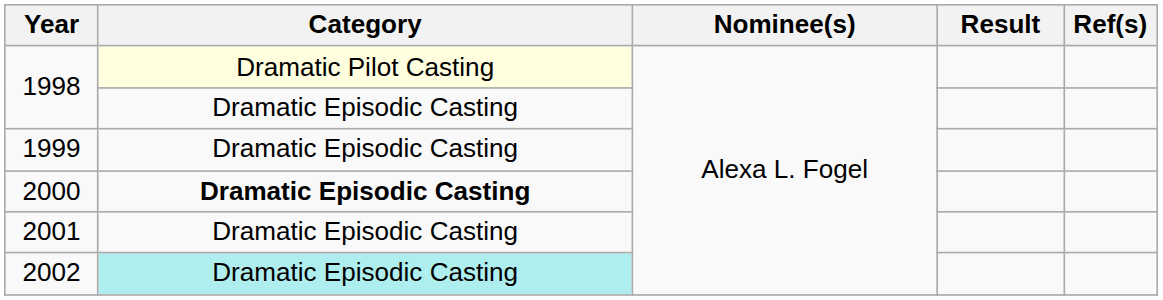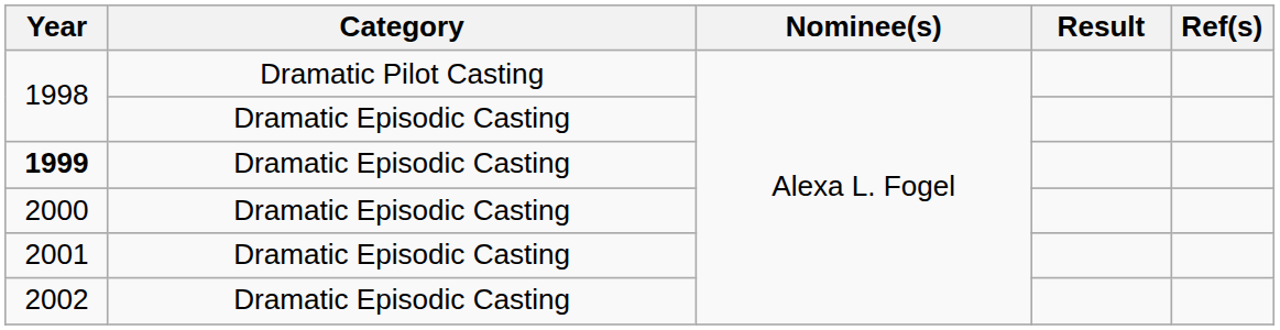 <table class="wikitable" style="text-align:center;">
 <tr>
 <th width="50">Year</th>
 <th width="320">Category</th>
 <th width="180">Nominee(s)</th>
 <th width="70">Result</th>
 <th width="50">Ref(s)</th>
 </tr>
 <tr>
 <td rowspan="2">1998</td>
-<td style="background: lightyellow;">Dramatic Pilot Casting</td>
+<td>Dramatic Pilot Casting</td>
 <td rowspan="6">Alexa L. Fogel</td>
 <td></td>
 <td></td>
 </tr>
 <tr>
 <td>Dramatic Episodic Casting</td>
 <td></td>
 <td></td>
 </tr>
 <tr>
-<td>1999</td>
+<td><strong>1999</strong></td>
 <td>Dramatic Episodic Casting</td>
 <td></td>
 <td></td>
 </tr>
 <tr>
 <td>2000</td>
-<td><strong>Dramatic Episodic Casting</strong></td>
+<td>Dramatic Episodic Casting</td>
 <td></td>
 <td></td>
 </tr>
 <tr>
 <td>2001</td>
 <td>Dramatic Episodic Casting</td>
 <td></td>
 <td></td>
 </tr>
 <tr>
 <td>2002</td>
-<td style="background: paleturquoise;">Dramatic Episodic Casting</td>
+<td>Dramatic Episodic Casting</td>
 <td></td>
 <td></td>
 </tr>
 </table>
